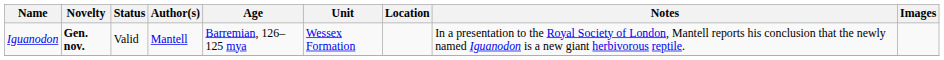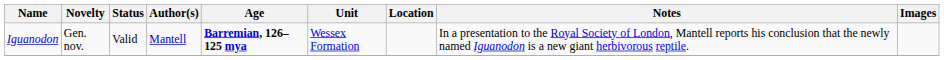 <table class="wikitable sortable" align="center" width="100%">
 <tr>
 <th>Name</th>
 <th>Novelty</th>
 <th>Status</th>
 <th>Author(s)</th>
 <th>Age</th>
 <th>Unit</th>
 <th>Location</th>
 <th>Notes</th>
 <th>Images</th>
 </tr>
 <tr>
 <td><em><a href='#'>Iguanodon</a></em></td>
-<td><strong>Gen. nov.</strong></td>
+<td>Gen. nov.</td>
 <td>Valid</td>
 <td><a href='#'>Mantell</a></td>
-<td><a href='#'>Barremian</a>, 126–125 <a href='#'>mya</a></td>
+<td><strong><a href='#'>Barremian</a>, 126–125 <a href='#'>mya</a></strong></td>
 <td><a href='#'>Wessex Formation</a></td>
 <td></td>
 <td>In a presentation to the <a href='#'>Royal Society of London</a>, Mantell reports his conclusion that the newly named <em><a href='#'>Iguanodon</a></em> is a new giant <a href='#'>herbivorous</a> <a href='#'>reptile</a>.</td>
 <td></td>
 </tr>
 <tr>
 </tr>
 </table>
